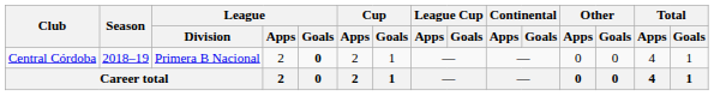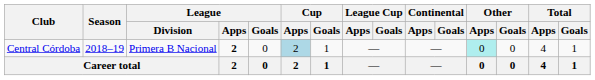 <table class="wikitable" style="text-align:center">
 <tr>
 <th rowspan="2">Club</th>
 <th rowspan="2">Season</th>
 <th colspan="3">League</th>
 <th colspan="2">Cup</th>
 <th colspan="2">League Cup</th>
 <th colspan="2">Continental</th>
 <th colspan="2">Other</th>
 <th colspan="2">Total</th>
 </tr>
 <tr>
 <th>Division</th>
 <th>Apps</th>
 <th>Goals</th>
 <th>Apps</th>
 <th>Goals</th>
 <th>Apps</th>
 <th>Goals</th>
 <th>Apps</th>
 <th>Goals</th>
 <th>Apps</th>
 <th>Goals</th>
 <th>Apps</th>
 <th>Goals</th>
 </tr>
 <tr>
 <td rowspan="1"><a href='#'>Central Córdoba</a></td>
 <td><a href='#'>2018–19</a></td>
 <td rowspan="1"><a href='#'>Primera B Nacional</a></td>
-<td>2</td>
-<td><strong>0</strong></td>
-<td>2</td>
+<td><strong>2</strong></td>
+<td>0</td>
+<td style="background: lightblue;">2</td>
 <td>1</td>
 <td colspan="2">—</td>
 <td colspan="2">—</td>
-<td>0</td>
+<td style="background: paleturquoise;">0</td>
 <td>0</td>
 <td>4</td>
 <td>1</td>
 </tr>
 <tr>
 <th colspan="3">Career total</th>
 <th>2</th>
 <th>0</th>
 <th>2</th>
 <th>1</th>
 <th colspan="2">—</th>
 <th colspan="2">—</th>
 <th>0</th>
 <th>0</th>
 <th>4</th>
 <th>1</th>
 </tr>
 </table>
